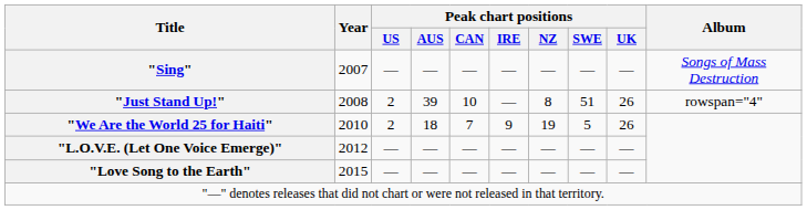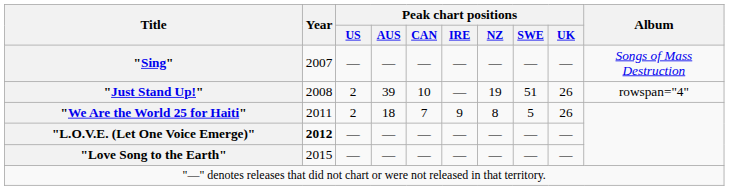 <table class="wikitable plainrowheaders" style="text-align:center;" border="1">
 <tr>
 <th scope="col" rowspan="2" style="width:22em;">Title</th>
 <th scope="col" rowspan="2">Year</th>
 <th scope="col" colspan="7">Peak chart positions</th>
 <th scope="col" rowspan="2">Album</th>
 </tr>
 <tr>
 <th scope="col" style="width:2.5em; font-size:90%;"><a href='#'>US</a><br></th>
 <th scope="col" style="width:2.5em; font-size:90%;"><a href='#'>AUS</a><br></th>
 <th scope="col" style="width:2.5em; font-size:90%;"><a href='#'>CAN</a><br></th>
 <th scope="col" style="width:2.5em; font-size:90%;"><a href='#'>IRE</a><br></th>
 <th scope="col" style="width:2.5em; font-size:90%;"><a href='#'>NZ</a><br></th>
 <th scope="col" style="width:2.5em; font-size:90%;"><a href='#'>SWE</a><br></th>
 <th scope="col" style="width:2.5em; font-size:90%;"><a href='#'>UK</a><br></th>
 </tr>
 <tr>
 <th scope="row">"<a href='#'>Sing</a>" <br> </th>
 <td>2007</td>
 <td>—</td>
 <td>—</td>
 <td>—</td>
 <td>—</td>
 <td>—</td>
 <td>—</td>
 <td>—</td>
 <td><em><a href='#'>Songs of Mass Destruction</a></em></td>
 </tr>
 <tr>
 <th scope="row">"<a href='#'>Just Stand Up!</a>" <br> </th>
 <td>2008</td>
 <td>2</td>
 <td>39</td>
 <td>10</td>
 <td>—</td>
-<td>8</td>
+<td>19</td>
 <td>51</td>
 <td>26</td>
 <td>rowspan="4" </td>
 </tr>
 <tr>
 <th scope="row">"<a href='#'>We Are the World 25 for Haiti</a>" <br> </th>
-<td>2010</td>
+<td>2011</td>
 <td>2</td>
 <td>18</td>
 <td>7</td>
 <td>9</td>
-<td>19</td>
+<td>8</td>
 <td>5</td>
 <td>26</td>
 </tr>
 <tr>
 <th scope="row">"L.O.V.E. (Let One Voice Emerge)" <br> </th>
-<td>2012</td>
+<td><strong>2012</strong></td>
 <td>—</td>
 <td>—</td>
 <td>—</td>
 <td>—</td>
 <td>—</td>
 <td>—</td>
 <td>—</td>
 </tr>
 <tr>
 <th scope="row">"Love Song to the Earth" <br> </th>
 <td>2015</td>
 <td>—</td>
 <td>—</td>
 <td>—</td>
 <td>—</td>
 <td>—</td>
 <td>—</td>
 <td>—</td>
 </tr>
 <tr>
 <td colspan="15" style="font-size:90%">"—" denotes releases that did not chart or were not released in that territory.</td>
 </tr>
 </table>
